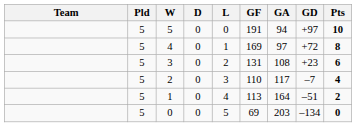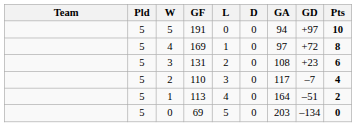 <table class="wikitable" style="text-align: center;">
 <tr>
 <th width="180">Team</th>
 <th width="35">Pld</th>
 <th width="35">W</th>
+<th width="35">GF</th>
+<th width="35">L</th>
 <th width="35">D</th>
-<th width="35">L</th>
-<th width="35">GF</th>
 <th width="35">GA</th>
 <th width="35">GD</th>
 <th width="35">Pts</th>
 </tr>
 <tr>
 <td align="left"></td>
 <td>5</td>
 <td>5</td>
+<td>191</td>
 <td>0</td>
 <td>0</td>
-<td>191</td>
 <td>94</td>
 <td>+97</td>
 <td><strong>10</strong></td>
 </tr>
 <tr>
 <td align="left"></td>
 <td>5</td>
 <td>4</td>
+<td>169</td>
+<td>1</td>
 <td>0</td>
-<td>1</td>
-<td>169</td>
 <td>97</td>
 <td>+72</td>
 <td><strong>8</strong></td>
 </tr>
 <tr>
 <td align="left"></td>
 <td>5</td>
 <td>3</td>
+<td>131</td>
+<td>2</td>
 <td>0</td>
-<td>2</td>
-<td>131</td>
 <td>108</td>
 <td>+23</td>
 <td><strong>6</strong></td>
 </tr>
 <tr>
 <td align="left"></td>
 <td>5</td>
 <td>2</td>
+<td>110</td>
+<td>3</td>
 <td>0</td>
-<td>3</td>
-<td>110</td>
 <td>117</td>
 <td>–7</td>
 <td><strong>4</strong></td>
 </tr>
 <tr>
 <td align="left"></td>
 <td>5</td>
 <td>1</td>
+<td>113</td>
+<td>4</td>
 <td>0</td>
-<td>4</td>
-<td>113</td>
 <td>164</td>
 <td>–51</td>
 <td><strong>2</strong></td>
 </tr>
 <tr>
 <td align="left"></td>
 <td>5</td>
 <td>0</td>
+<td>69</td>
+<td>5</td>
 <td>0</td>
-<td>5</td>
-<td>69</td>
 <td>203</td>
 <td>–134</td>
 <td><strong>0</strong></td>
 </tr>
 </table>
